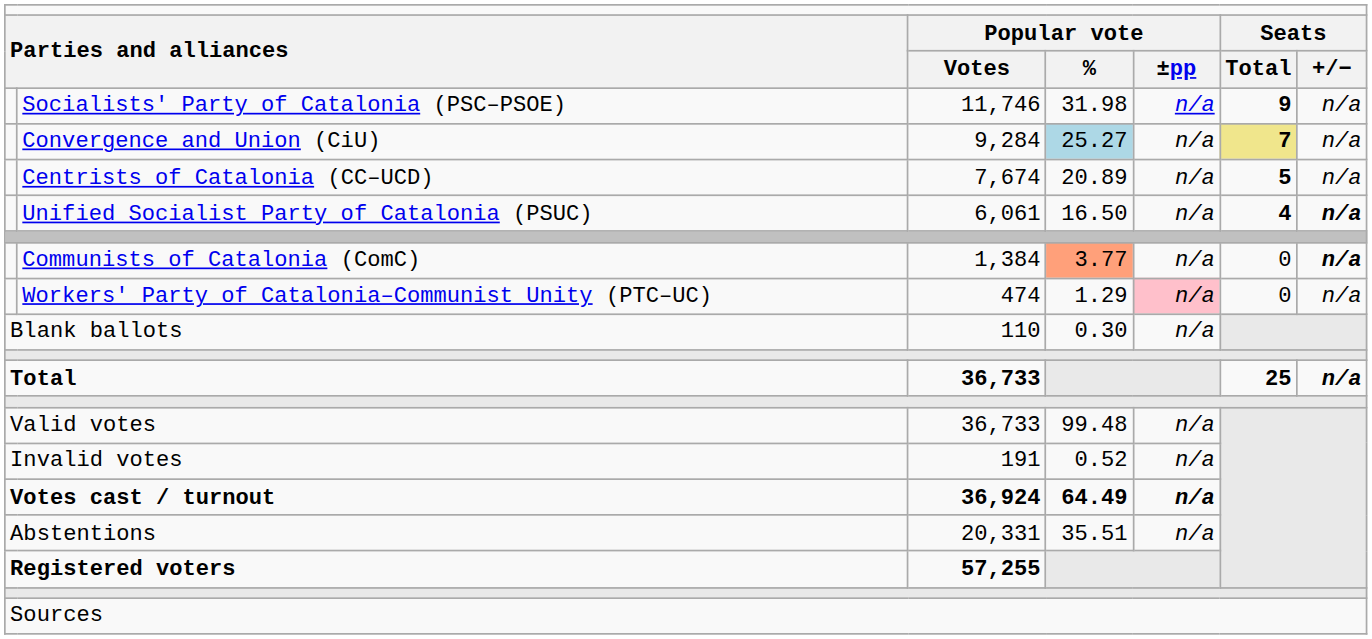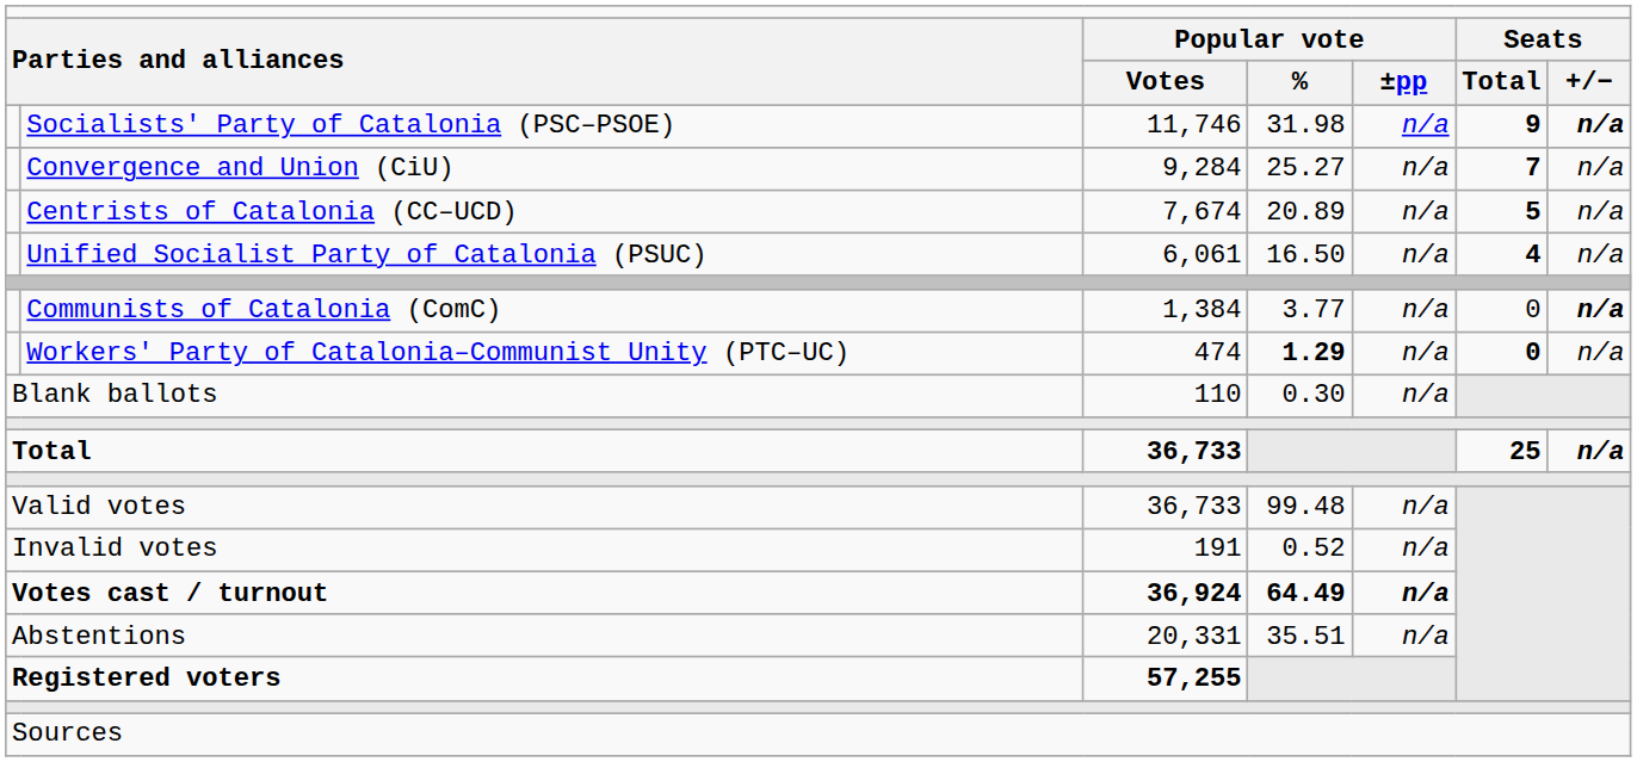 <table class="wikitable" style="text-align:right;">
 <tr>
 <td colspan="7"></td>
 </tr>
 <tr>
 <th style="text-align:left;" rowspan="2" colspan="2" width="525">Parties and alliances</th>
 <th colspan="3">Popular vote</th>
 <th colspan="2">Seats</th>
 </tr>
 <tr>
 <th width="75">Votes</th>
 <th width="45">%</th>
 <th width="45">±<a href='#'>pp</a></th>
 <th width="35">Total</th>
 <th width="35">+/−</th>
 </tr>
 <tr>
 <td width="1" style="color:inherit;background:"></td>
 <td align="left"><a href='#'>Socialists' Party of Catalonia</a> (PSC–PSOE)</td>
 <td>11,746</td>
 <td>31.98</td>
 <td><em><a href='#'>n/a</a></em></td>
 <td><strong>9</strong></td>
-<td><em>n/a</em></td>
+<td><strong><em>n/a</em></strong></td>
 </tr>
 <tr>
 <td style="color:inherit;background:"></td>
 <td align="left"><a href='#'>Convergence and Union</a> (CiU)</td>
 <td>9,284</td>
-<td style="background: lightblue;">25.27</td>
+<td>25.27</td>
 <td><em>n/a</em></td>
-<td style="background: khaki;"><strong>7</strong></td>
+<td><strong>7</strong></td>
 <td><em>n/a</em></td>
 </tr>
 <tr>
 <td style="color:inherit;background:"></td>
 <td align="left"><a href='#'>Centrists of Catalonia</a> (CC–UCD)</td>
 <td>7,674</td>
 <td>20.89</td>
 <td><em>n/a</em></td>
 <td><strong>5</strong></td>
 <td><em>n/a</em></td>
 </tr>
 <tr>
 <td style="color:inherit;background:"></td>
 <td align="left"><a href='#'>Unified Socialist Party of Catalonia</a> (PSUC)</td>
 <td>6,061</td>
 <td>16.50</td>
 <td><em>n/a</em></td>
 <td><strong>4</strong></td>
-<td><strong><em>n/a</em></strong></td>
+<td><em>n/a</em></td>
 </tr>
 <tr>
 <td colspan="7" style="color:inherit;background:#C0C0C0"></td>
 </tr>
 <tr>
 <td style="color:inherit;background:"></td>
 <td align="left"><a href='#'>Communists of Catalonia</a> (ComC)</td>
 <td>1,384</td>
-<td style="background: lightsalmon;">3.77</td>
+<td>3.77</td>
 <td><em>n/a</em></td>
 <td>0</td>
 <td><strong><em>n/a</em></strong></td>
 </tr>
 <tr>
 <td style="color:inherit;background:"></td>
 <td align="left"><a href='#'>Workers' Party of Catalonia–Communist Unity</a> (PTC–UC)</td>
 <td>474</td>
-<td>1.29</td>
-<td style="background: pink;"><em>n/a</em></td>
-<td>0</td>
+<td><strong>1.29</strong></td>
+<td><em>n/a</em></td>
+<td><strong>0</strong></td>
 <td><em>n/a</em></td>
 </tr>
 <tr>
 <td align="left" colspan="2">Blank ballots</td>
 <td>110</td>
 <td>0.30</td>
 <td><em>n/a</em></td>
 <td style="color:inherit;background:#E9E9E9" colspan="2"></td>
 </tr>
 <tr>
 <td colspan="7" style="color:inherit;background:#E9E9E9"></td>
 </tr>
 <tr style="font-weight:bold;">
 <td align="left" colspan="2">Total</td>
 <td>36,733</td>
 <td bgcolor="#E9E9E9" colspan="2"></td>
 <td>25</td>
 <td><em>n/a</em></td>
 </tr>
 <tr>
 <td colspan="7" style="color:inherit;background:#E9E9E9"></td>
 </tr>
 <tr>
 <td align="left" colspan="2">Valid votes</td>
 <td>36,733</td>
 <td>99.48</td>
 <td><em>n/a</em></td>
 <td bgcolor="#E9E9E9" colspan="2" rowspan="5"></td>
 </tr>
 <tr>
 <td align="left" colspan="2">Invalid votes</td>
 <td>191</td>
 <td>0.52</td>
 <td><em>n/a</em></td>
 </tr>
 <tr style="font-weight:bold;">
 <td align="left" colspan="2">Votes cast / turnout</td>
 <td>36,924</td>
 <td>64.49</td>
 <td><em>n/a</em></td>
 </tr>
 <tr>
 <td align="left" colspan="2">Abstentions</td>
 <td>20,331</td>
 <td>35.51</td>
 <td><em>n/a</em></td>
 </tr>
 <tr style="font-weight:bold;">
 <td align="left" colspan="2">Registered voters</td>
 <td>57,255</td>
 <td bgcolor="#E9E9E9" colspan="2"></td>
 </tr>
 <tr>
 <td colspan="7" style="color:inherit;background:#E9E9E9"></td>
 </tr>
 <tr>
 <td align="left" colspan="7">Sources</td>
 </tr>
 </table>
